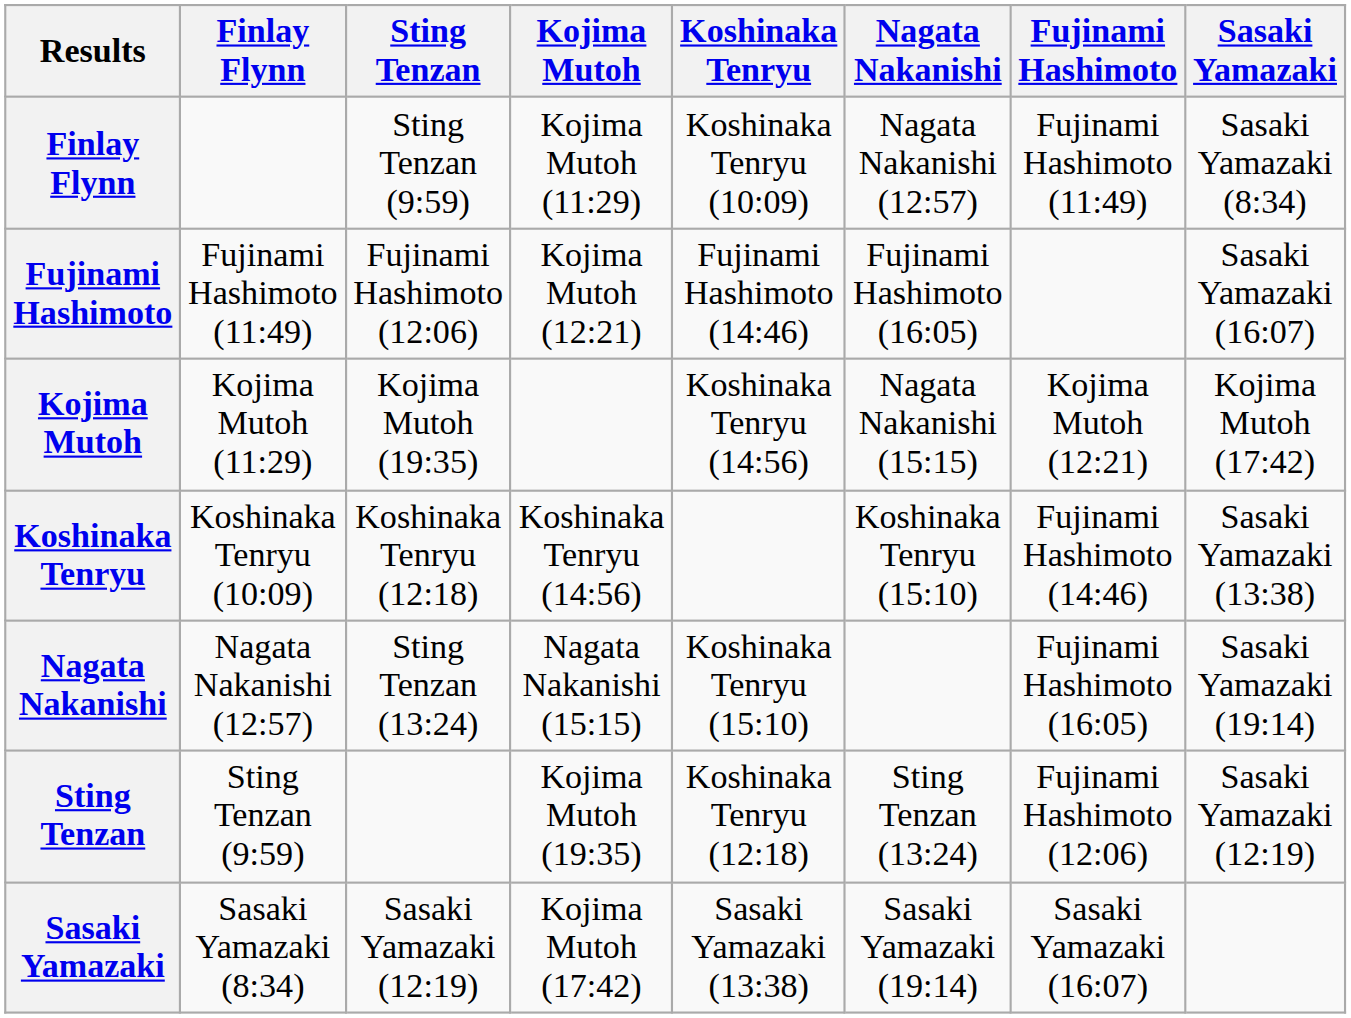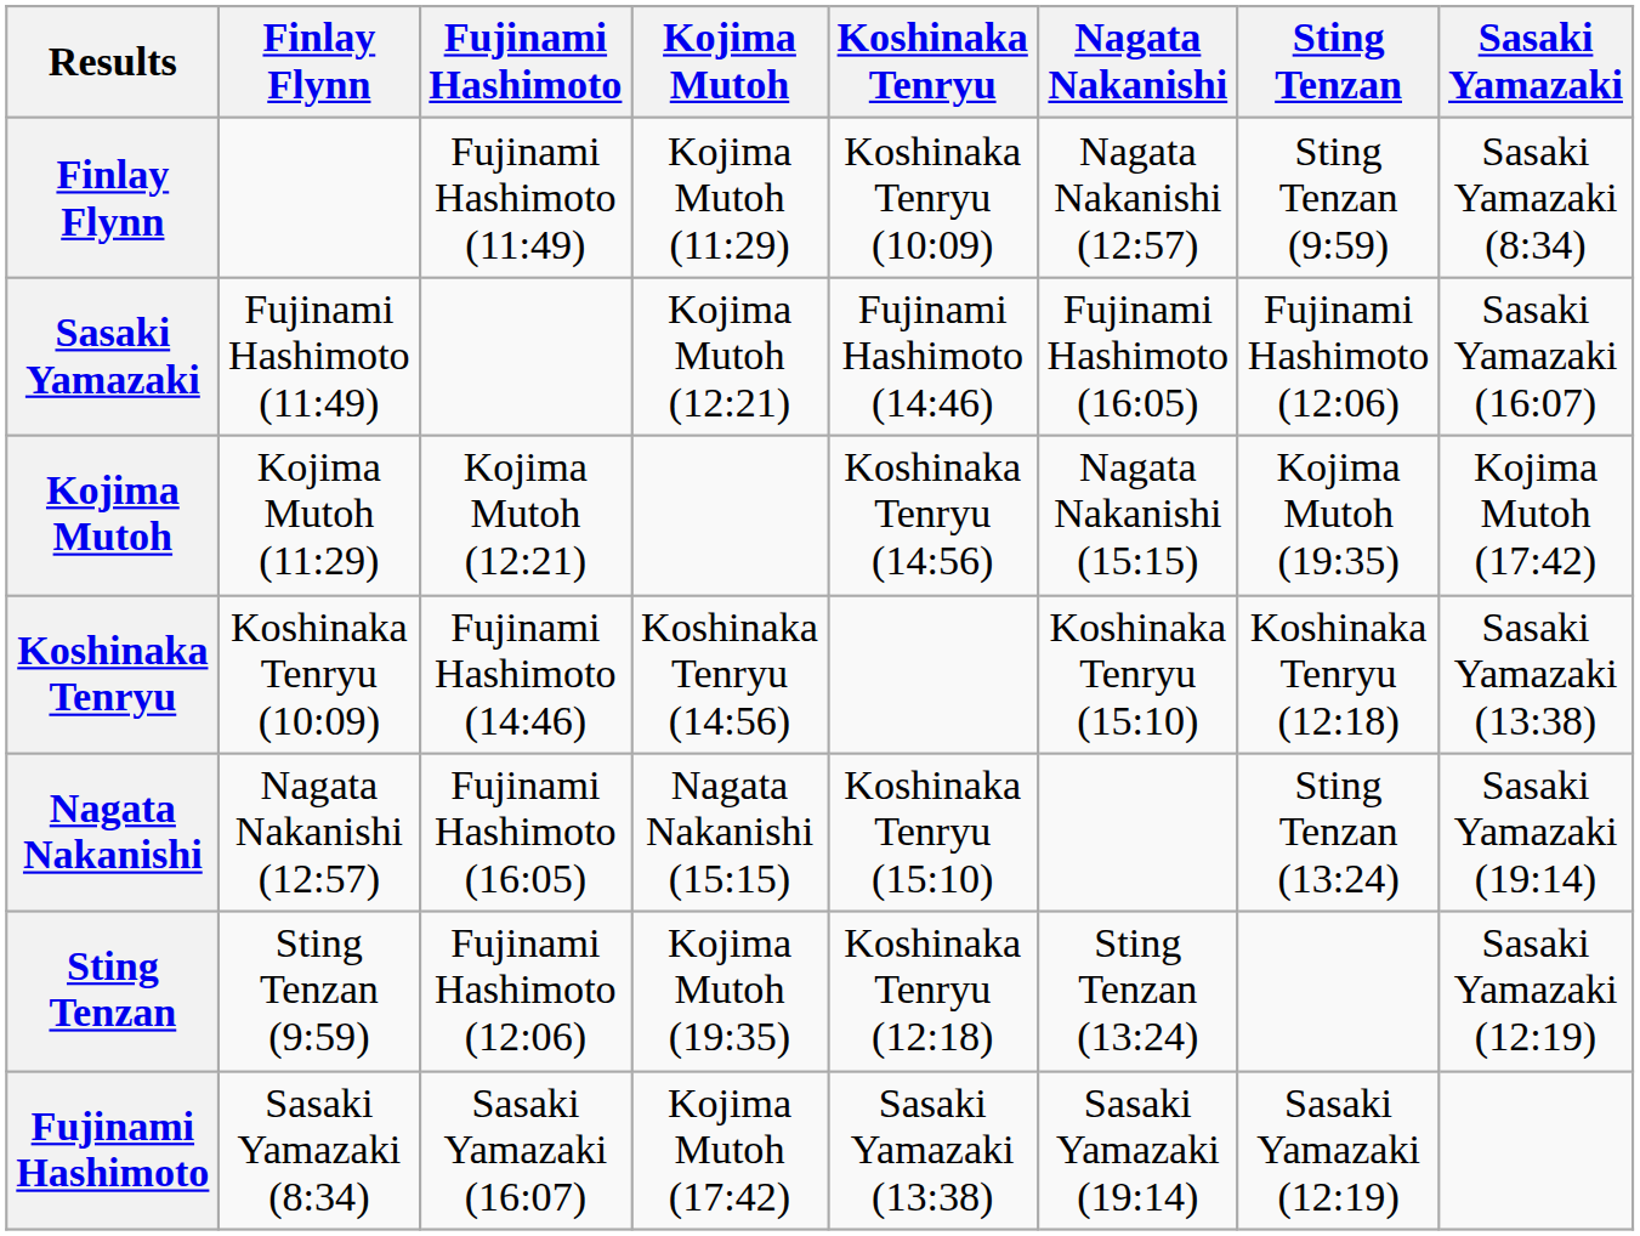 <table class="wikitable" style="text-align:center; margin: 1em auto 1em auto">
 <tr align="center">
 <th>Results</th>
 <th><a href='#'>Finlay</a><br><a href='#'>Flynn</a></th>
-<th><a href='#'>Sting</a><br><a href='#'>Tenzan</a></th>
+<th><a href='#'>Fujinami</a><br><a href='#'>Hashimoto</a></th>
 <th><a href='#'>Kojima</a><br><a href='#'>Mutoh</a></th>
 <th><a href='#'>Koshinaka</a><br><a href='#'>Tenryu</a></th>
 <th><a href='#'>Nagata</a><br><a href='#'>Nakanishi</a></th>
-<th><a href='#'>Fujinami</a><br><a href='#'>Hashimoto</a></th>
+<th><a href='#'>Sting</a><br><a href='#'>Tenzan</a></th>
 <th><a href='#'>Sasaki</a><br><a href='#'>Yamazaki</a></th>
 </tr>
 <tr align="center">
 <th><a href='#'>Finlay</a><br><a href='#'>Flynn</a></th>
 <td></td>
-<td>Sting<br>Tenzan<br>(9:59)</td>
+<td>Fujinami<br>Hashimoto<br>(11:49)</td>
 <td>Kojima<br>Mutoh<br>(11:29)</td>
 <td>Koshinaka<br>Tenryu<br>(10:09)</td>
 <td>Nagata<br>Nakanishi<br>(12:57)</td>
-<td>Fujinami<br>Hashimoto<br>(11:49)</td>
+<td>Sting<br>Tenzan<br>(9:59)</td>
 <td>Sasaki<br>Yamazaki<br>(8:34)</td>
 </tr>
 <tr align="center">
-<th><a href='#'>Fujinami</a><br><a href='#'>Hashimoto</a></th>
+<th><a href='#'>Sasaki</a><br><a href='#'>Yamazaki</a></th>
 <td>Fujinami<br>Hashimoto<br>(11:49)</td>
-<td>Fujinami<br>Hashimoto<br>(12:06)</td>
+<td></td>
 <td>Kojima<br>Mutoh<br>(12:21)</td>
 <td>Fujinami<br>Hashimoto<br> (14:46)</td>
 <td>Fujinami<br>Hashimoto<br>(16:05)</td>
-<td></td>
+<td>Fujinami<br>Hashimoto<br>(12:06)</td>
 <td>Sasaki<br> Yamazaki<br>(16:07)</td>
 </tr>
 <tr align="center">
 <th><a href='#'>Kojima</a><br><a href='#'>Mutoh</a></th>
 <td>Kojima<br>Mutoh<br>(11:29)</td>
-<td>Kojima<br>Mutoh<br>(19:35)</td>
+<td>Kojima<br>Mutoh<br>(12:21)</td>
 <td></td>
 <td>Koshinaka<br>Tenryu<br>(14:56)</td>
 <td>Nagata<br>Nakanishi<br>(15:15)</td>
-<td>Kojima<br>Mutoh<br>(12:21)</td>
+<td>Kojima<br>Mutoh<br>(19:35)</td>
 <td>Kojima<br>Mutoh<br>(17:42)</td>
 </tr>
 <tr align="center">
 <th><a href='#'>Koshinaka</a><br><a href='#'>Tenryu</a></th>
 <td>Koshinaka<br>Tenryu<br>(10:09)</td>
-<td>Koshinaka<br>Tenryu<br>(12:18)</td>
+<td>Fujinami<br>Hashimoto<br>(14:46)</td>
 <td>Koshinaka<br>Tenryu<br> (14:56)</td>
 <td></td>
 <td>Koshinaka<br>Tenryu<br>(15:10)</td>
-<td>Fujinami<br>Hashimoto<br>(14:46)</td>
+<td>Koshinaka<br>Tenryu<br>(12:18)</td>
 <td>Sasaki<br> Yamazaki<br>(13:38)</td>
 </tr>
 <tr align="center">
 <th><a href='#'>Nagata</a><br><a href='#'>Nakanishi</a></th>
 <td>Nagata<br>Nakanishi<br>(12:57)</td>
-<td>Sting<br>Tenzan<br>(13:24)</td>
+<td>Fujinami<br>Hashimoto<br>(16:05)</td>
 <td>Nagata<br>Nakanishi<br> (15:15)</td>
 <td>Koshinaka<br>Tenryu<br>(15:10)</td>
 <td></td>
-<td>Fujinami<br>Hashimoto<br>(16:05)</td>
+<td>Sting<br>Tenzan<br>(13:24)</td>
 <td>Sasaki<br>Yamazaki <br>(19:14)</td>
 </tr>
 <tr align="center">
 <th><a href='#'>Sting</a><br><a href='#'>Tenzan</a></th>
 <td>Sting<br>Tenzan<br>(9:59)</td>
-<td></td>
+<td>Fujinami<br>Hashimoto<br>(12:06)</td>
 <td>Kojima<br>Mutoh<br>(19:35)</td>
 <td>Koshinaka<br>Tenryu<br>(12:18)</td>
 <td>Sting<br>Tenzan<br>(13:24)</td>
-<td>Fujinami<br>Hashimoto<br>(12:06)</td>
+<td></td>
 <td>Sasaki<br>Yamazaki<br>(12:19)</td>
 </tr>
 <tr align="center">
-<th><a href='#'>Sasaki</a><br><a href='#'>Yamazaki</a></th>
+<th><a href='#'>Fujinami</a><br><a href='#'>Hashimoto</a></th>
 <td>Sasaki<br>Yamazaki<br>(8:34)</td>
-<td>Sasaki<br>Yamazaki<br>(12:19)</td>
+<td>Sasaki<br>Yamazaki<br>(16:07)</td>
 <td>Kojima<br>Mutoh<br>(17:42)</td>
 <td>Sasaki<br>Yamazaki<br>(13:38)</td>
 <td>Sasaki<br>Yamazaki<br>(19:14)</td>
-<td>Sasaki<br>Yamazaki<br>(16:07)</td>
+<td>Sasaki<br>Yamazaki<br>(12:19)</td>
 <td></td>
 </tr>
 </table>
